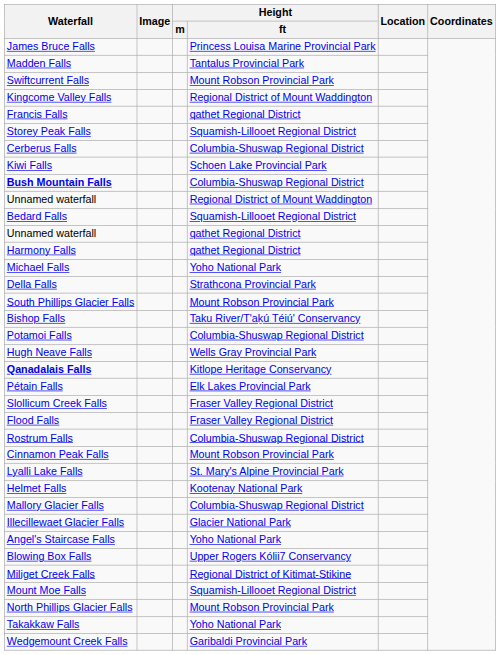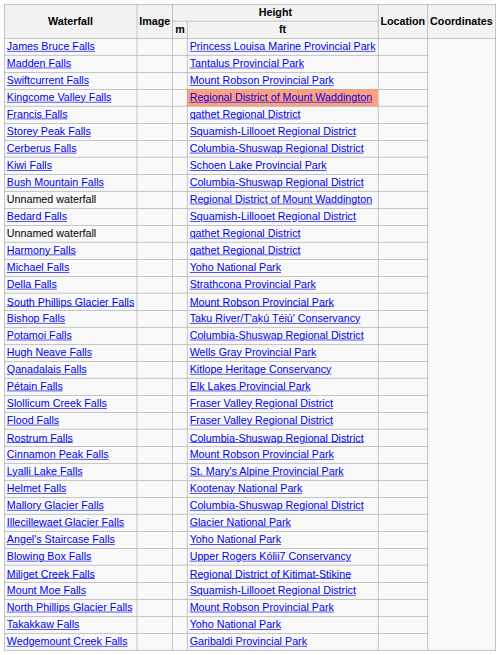 <table class="wikitable sortable">
 <tr>
 <th rowspan=2>Waterfall</th>
 <th rowspan=2 class="unsortable">Image</th>
 <th colspan=2>Height</th>
 <th rowspan=2>Location</th>
 <th rowspan=2>Coordinates</th>
 </tr>
 <tr>
 <th>m</th>
 <th>ft</th>
 </tr>
 <tr>
 <td><a href='#'>James Bruce Falls</a></td>
 <td></td>
 <td></td>
 <td><a href='#'>Princess Louisa Marine Provincial Park</a></td>
 <td></td>
 </tr>
 <tr>
 <td><a href='#'>Madden Falls</a></td>
 <td></td>
 <td></td>
 <td><a href='#'>Tantalus Provincial Park</a></td>
 <td></td>
 </tr>
 <tr>
 <td><a href='#'>Swiftcurrent Falls</a></td>
 <td></td>
 <td></td>
 <td><a href='#'>Mount Robson Provincial Park</a></td>
 <td></td>
 </tr>
 <tr>
 <td><a href='#'>Kingcome Valley Falls</a></td>
 <td></td>
 <td></td>
-<td><a href='#'>Regional District of Mount Waddington</a></td>
+<td style="background: lightsalmon;"><a href='#'>Regional District of Mount Waddington</a></td>
 <td></td>
 </tr>
 <tr>
 <td><a href='#'>Francis Falls</a></td>
 <td></td>
 <td></td>
 <td><a href='#'>qathet Regional District</a></td>
 <td></td>
 </tr>
 <tr>
 <td><a href='#'>Storey Peak Falls</a></td>
 <td></td>
 <td></td>
 <td><a href='#'>Squamish-Lillooet Regional District</a></td>
 <td></td>
 </tr>
 <tr>
 <td><a href='#'>Cerberus Falls</a></td>
 <td></td>
 <td></td>
 <td><a href='#'>Columbia-Shuswap Regional District</a></td>
 <td></td>
 </tr>
 <tr>
 <td><a href='#'>Kiwi Falls</a></td>
 <td></td>
 <td></td>
 <td><a href='#'>Schoen Lake Provincial Park</a></td>
 <td></td>
 </tr>
 <tr>
-<td><strong><a href='#'>Bush Mountain Falls</a></strong></td>
+<td><a href='#'>Bush Mountain Falls</a></td>
 <td></td>
 <td></td>
 <td><a href='#'>Columbia-Shuswap Regional District</a></td>
 <td></td>
 </tr>
 <tr>
 <td>Unnamed waterfall</td>
 <td></td>
 <td></td>
 <td><a href='#'>Regional District of Mount Waddington</a></td>
 <td></td>
 </tr>
 <tr>
 <td><a href='#'>Bedard Falls</a></td>
 <td></td>
 <td></td>
 <td><a href='#'>Squamish-Lillooet Regional District</a></td>
 <td></td>
 </tr>
 <tr>
 <td>Unnamed waterfall</td>
 <td></td>
 <td></td>
 <td><a href='#'>qathet Regional District</a></td>
 <td></td>
 </tr>
 <tr>
 <td><a href='#'>Harmony Falls</a></td>
 <td></td>
 <td></td>
 <td><a href='#'>qathet Regional District</a></td>
 <td></td>
 </tr>
 <tr>
 <td><a href='#'>Michael Falls</a></td>
 <td></td>
 <td></td>
 <td><a href='#'>Yoho National Park</a></td>
 <td></td>
 </tr>
 <tr>
 <td><a href='#'>Della Falls</a></td>
 <td></td>
 <td></td>
 <td><a href='#'>Strathcona Provincial Park</a></td>
 <td></td>
 </tr>
 <tr>
 <td><a href='#'>South Phillips Glacier Falls</a></td>
 <td></td>
 <td></td>
 <td><a href='#'>Mount Robson Provincial Park</a></td>
 <td></td>
 </tr>
 <tr>
 <td><a href='#'>Bishop Falls</a></td>
 <td></td>
 <td></td>
 <td><a href='#'>Taku River/T'aḵú Téiú' Conservancy</a></td>
 <td></td>
 </tr>
 <tr>
 <td><a href='#'>Potamoi Falls</a></td>
 <td></td>
 <td></td>
 <td><a href='#'>Columbia-Shuswap Regional District</a></td>
 <td></td>
 </tr>
 <tr>
 <td><a href='#'>Hugh Neave Falls</a></td>
 <td></td>
 <td></td>
 <td><a href='#'>Wells Gray Provincial Park</a></td>
 <td></td>
 </tr>
 <tr>
-<td><strong><a href='#'>Qanadalais Falls</a></strong></td>
+<td><a href='#'>Qanadalais Falls</a></td>
 <td></td>
 <td></td>
 <td><a href='#'>Kitlope Heritage Conservancy</a></td>
 <td></td>
 </tr>
 <tr>
 <td><a href='#'>Pétain Falls</a></td>
 <td></td>
 <td></td>
 <td><a href='#'>Elk Lakes Provincial Park</a></td>
 <td></td>
 </tr>
 <tr>
 <td><a href='#'>Slollicum Creek Falls</a></td>
 <td></td>
 <td></td>
 <td><a href='#'>Fraser Valley Regional District</a></td>
 <td></td>
 </tr>
 <tr>
 <td><a href='#'>Flood Falls</a></td>
 <td></td>
 <td></td>
 <td><a href='#'>Fraser Valley Regional District</a></td>
 <td></td>
 </tr>
 <tr>
 <td><a href='#'>Rostrum Falls</a></td>
 <td></td>
 <td></td>
 <td><a href='#'>Columbia-Shuswap Regional District</a></td>
 <td></td>
 </tr>
 <tr>
 <td><a href='#'>Cinnamon Peak Falls</a></td>
 <td></td>
 <td></td>
 <td><a href='#'>Mount Robson Provincial Park</a></td>
 <td></td>
 </tr>
 <tr>
 <td><a href='#'>Lyalli Lake Falls</a></td>
 <td></td>
 <td></td>
 <td><a href='#'>St. Mary's Alpine Provincial Park</a></td>
 <td></td>
 </tr>
 <tr>
 <td><a href='#'>Helmet Falls</a></td>
 <td></td>
 <td></td>
 <td><a href='#'>Kootenay National Park</a></td>
 <td></td>
 </tr>
 <tr>
 <td><a href='#'>Mallory Glacier Falls</a></td>
 <td></td>
 <td></td>
 <td><a href='#'>Columbia-Shuswap Regional District</a></td>
 <td></td>
 </tr>
 <tr>
 <td><a href='#'>Illecillewaet Glacier Falls</a></td>
 <td></td>
 <td></td>
 <td><a href='#'>Glacier National Park</a></td>
 <td></td>
 </tr>
 <tr>
 <td><a href='#'>Angel's Staircase Falls</a></td>
 <td></td>
 <td></td>
 <td><a href='#'>Yoho National Park</a></td>
 <td></td>
 </tr>
 <tr>
 <td><a href='#'>Blowing Box Falls</a></td>
 <td></td>
 <td></td>
 <td><a href='#'>Upper Rogers Kólii7 Conservancy</a></td>
 <td></td>
 </tr>
 <tr>
 <td><a href='#'>Miliget Creek Falls</a></td>
 <td></td>
 <td></td>
 <td><a href='#'>Regional District of Kitimat-Stikine</a></td>
 <td></td>
 </tr>
 <tr>
 <td><a href='#'>Mount Moe Falls</a></td>
 <td></td>
 <td></td>
 <td><a href='#'>Squamish-Lillooet Regional District</a></td>
 <td></td>
 </tr>
 <tr>
 <td><a href='#'>North Phillips Glacier Falls</a></td>
 <td></td>
 <td></td>
 <td><a href='#'>Mount Robson Provincial Park</a></td>
 <td></td>
 </tr>
 <tr>
 <td><a href='#'>Takakkaw Falls</a></td>
 <td></td>
 <td></td>
 <td><a href='#'>Yoho National Park</a></td>
 <td></td>
 </tr>
 <tr>
 <td><a href='#'>Wedgemount Creek Falls</a></td>
 <td></td>
 <td></td>
 <td><a href='#'>Garibaldi Provincial Park</a></td>
 <td></td>
 </tr>
 </table>
